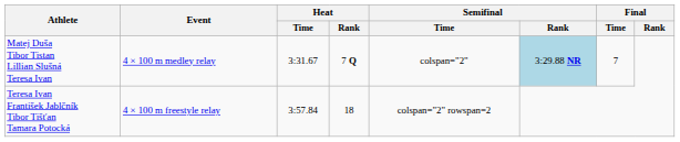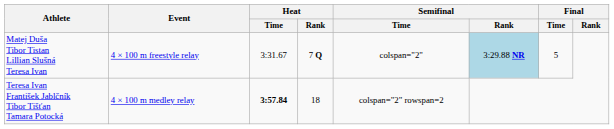 <table class="wikitable" style="text-align:center; font-size:90%; width:50%;">
 <tr>
 <th rowspan="2">Athlete</th>
 <th rowspan="2">Event</th>
 <th colspan="2">Heat</th>
 <th colspan="2">Semifinal</th>
 <th colspan="2">Final</th>
 </tr>
 <tr style="font-size:95%">
 <th>Time</th>
 <th>Rank</th>
 <th>Time</th>
 <th>Rank</th>
 <th>Time</th>
 <th>Rank</th>
 </tr>
 <tr>
 <td align=left><a href='#'>Matej Duša</a> <br><a href='#'>Tibor Tistan</a>  <br><a href='#'>Lillian Slušná</a>  <br><a href='#'>Teresa Ivan</a></td>
-<td align=left><a href='#'>4 × 100 m medley relay</a></td>
+<td align=left><a href='#'>4 × 100 m freestyle  relay</a></td>
 <td>3:31.67</td>
 <td>7 <strong>Q</strong></td>
 <td>colspan="2"  </td>
 <td style="background: lightblue;">3:29.88 <strong><a href='#'>NR</a></strong></td>
-<td>7</td>
+<td>5</td>
 </tr>
 <tr>
 <td align=left><a href='#'>Teresa Ivan</a> <br><a href='#'>František Jablčník</a>  <br><a href='#'>Tibor Tišťan</a>  <br><a href='#'>Tamara Potocká</a></td>
-<td align=left><a href='#'>4 × 100 m freestyle  relay</a></td>
-<td>3:57.84</td>
+<td align=left><a href='#'>4 × 100 m medley relay</a></td>
+<td><strong>3:57.84</strong></td>
 <td>18</td>
 <td>colspan="2" rowspan=2  </td>
 </tr>
 </table>
